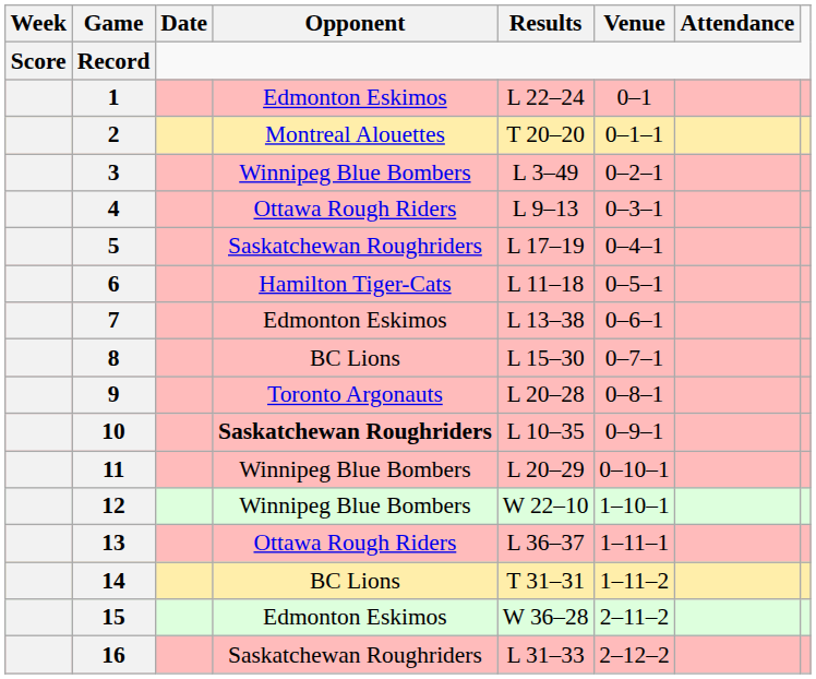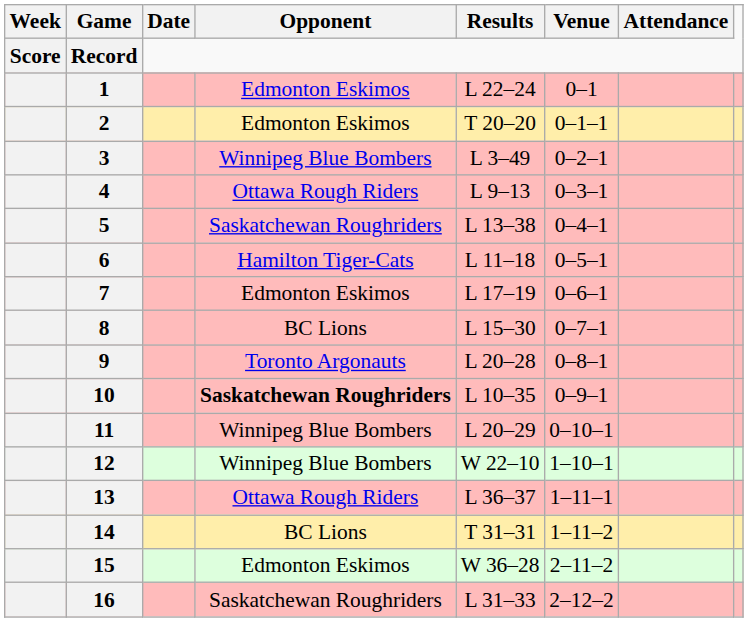 <table class="wikitable" style="text-align:center">
 <tr>
 <th>Week</th>
 <th>Game</th>
 <th>Date</th>
 <th>Opponent</th>
 <th>Results</th>
 <th>Venue</th>
 <th>Attendance</th>
 </tr>
 <tr>
 <th>Score</th>
 <th>Record</th>
 </tr>
 <tr style="background:#ffbbbb">
 <th></th>
 <th>1</th>
 <td></td>
 <td><a href='#'>Edmonton Eskimos</a></td>
 <td>L 22–24</td>
 <td>0–1</td>
 <td></td>
 <td></td>
 </tr>
 <tr style="background:#ffeeaa">
 <th></th>
 <th>2</th>
 <td></td>
-<td><a href='#'>Montreal Alouettes</a></td>
+<td>Edmonton Eskimos</td>
 <td>T 20–20</td>
 <td>0–1–1</td>
 <td></td>
 <td></td>
 </tr>
 <tr style="background:#ffbbbb">
 <th></th>
 <th>3</th>
 <td></td>
 <td><a href='#'>Winnipeg Blue Bombers</a></td>
 <td>L 3–49</td>
 <td>0–2–1</td>
 <td></td>
 <td></td>
 </tr>
 <tr style="background:#ffbbbb">
 <th></th>
 <th>4</th>
 <td></td>
 <td><a href='#'>Ottawa Rough Riders</a></td>
 <td>L 9–13</td>
 <td>0–3–1</td>
 <td></td>
 <td></td>
 </tr>
 <tr style="background:#ffbbbb">
 <th></th>
 <th>5</th>
 <td></td>
 <td><a href='#'>Saskatchewan Roughriders</a></td>
-<td>L 17–19</td>
+<td>L 13–38</td>
 <td>0–4–1</td>
 <td></td>
 <td></td>
 </tr>
 <tr style="background:#ffbbbb">
 <th></th>
 <th>6</th>
 <td></td>
 <td><a href='#'>Hamilton Tiger-Cats</a></td>
 <td>L 11–18</td>
 <td>0–5–1</td>
 <td></td>
 <td></td>
 </tr>
 <tr style="background:#ffbbbb">
 <th></th>
 <th>7</th>
 <td></td>
 <td>Edmonton Eskimos</td>
-<td>L 13–38</td>
+<td>L 17–19</td>
 <td>0–6–1</td>
 <td></td>
 <td></td>
 </tr>
 <tr style="background:#ffbbbb">
 <th></th>
 <th>8</th>
 <td></td>
 <td>BC Lions</td>
 <td>L 15–30</td>
 <td>0–7–1</td>
 <td></td>
 <td></td>
 </tr>
 <tr style="background:#ffbbbb">
 <th></th>
 <th>9</th>
 <td></td>
 <td><a href='#'>Toronto Argonauts</a></td>
 <td>L 20–28</td>
 <td>0–8–1</td>
 <td></td>
 <td></td>
 </tr>
 <tr style="background:#ffbbbb">
 <th></th>
 <th>10</th>
 <td></td>
 <td><strong>Saskatchewan Roughriders</strong></td>
 <td>L 10–35</td>
 <td>0–9–1</td>
 <td></td>
 <td></td>
 </tr>
 <tr style="background:#ffbbbb">
 <th></th>
 <th>11</th>
 <td></td>
 <td>Winnipeg Blue Bombers</td>
 <td>L 20–29</td>
 <td>0–10–1</td>
 <td></td>
 <td></td>
 </tr>
 <tr style="background:#ddffdd">
 <th></th>
 <th>12</th>
 <td></td>
 <td>Winnipeg Blue Bombers</td>
 <td>W 22–10</td>
 <td>1–10–1</td>
 <td></td>
 <td></td>
 </tr>
 <tr style="background:#ffbbbb">
 <th></th>
 <th>13</th>
 <td></td>
 <td><a href='#'>Ottawa Rough Riders</a></td>
 <td>L 36–37</td>
 <td>1–11–1</td>
 <td></td>
 <td></td>
 </tr>
 <tr style="background:#ffeeaa">
 <th></th>
 <th>14</th>
 <td></td>
 <td>BC Lions</td>
 <td>T 31–31</td>
 <td>1–11–2</td>
 <td></td>
 <td></td>
 </tr>
 <tr style="background:#ddffdd">
 <th></th>
 <th>15</th>
 <td></td>
 <td>Edmonton Eskimos</td>
 <td>W 36–28</td>
 <td>2–11–2</td>
 <td></td>
 <td></td>
 </tr>
 <tr align="center" bgcolor="#ffbbbb">
 <th></th>
 <th>16</th>
 <td></td>
 <td>Saskatchewan Roughriders</td>
 <td>L 31–33</td>
 <td>2–12–2</td>
 <td></td>
 <td></td>
 </tr>
 </table>
